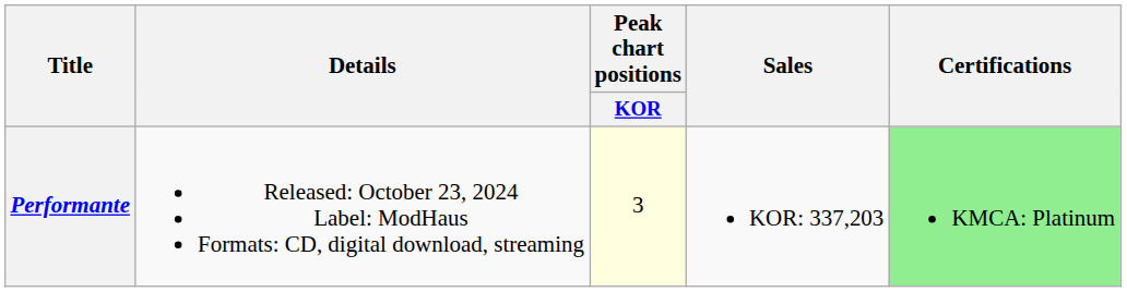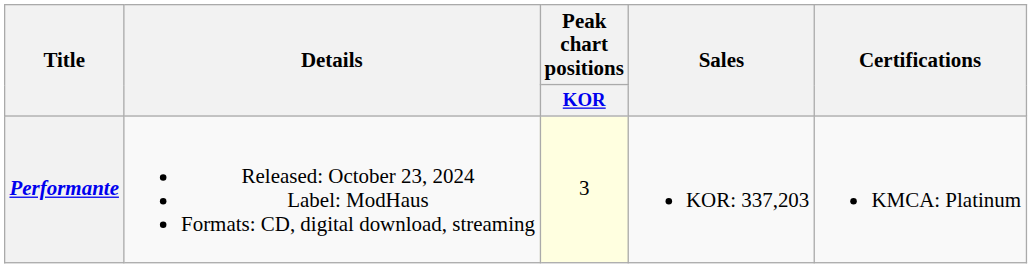 <table class="wikitable plainrowheaders" style="text-align:center">
 <tr>
 <th scope="col" rowspan="2">Title</th>
 <th scope="col" rowspan="2">Details</th>
 <th scope="col">Peak chart positions</th>
 <th scope="col" rowspan="2">Sales</th>
 <th scope="col" rowspan="2">Certifications</th>
 </tr>
 <tr>
 <th scope="col" style="font-size:90%; width:2.5em"><a href='#'>KOR</a><br></th>
 </tr>
 <tr>
 <th scope="row"><em><a href='#'>Performante</a></em></th>
 <td><br><ul><li>Released: October 23, 2024</li><li>Label: ModHaus</li><li>Formats: CD, digital download, streaming</li></ul></td>
 <td style="background: lightyellow;">3</td>
 <td><br><ul><li>KOR: 337,203</li></ul></td>
-<td style="background: lightgreen;"><br><ul><li>KMCA: Platinum </li></ul></td>
+<td><br><ul><li>KMCA: Platinum </li></ul></td>
 </tr>
 </table>
